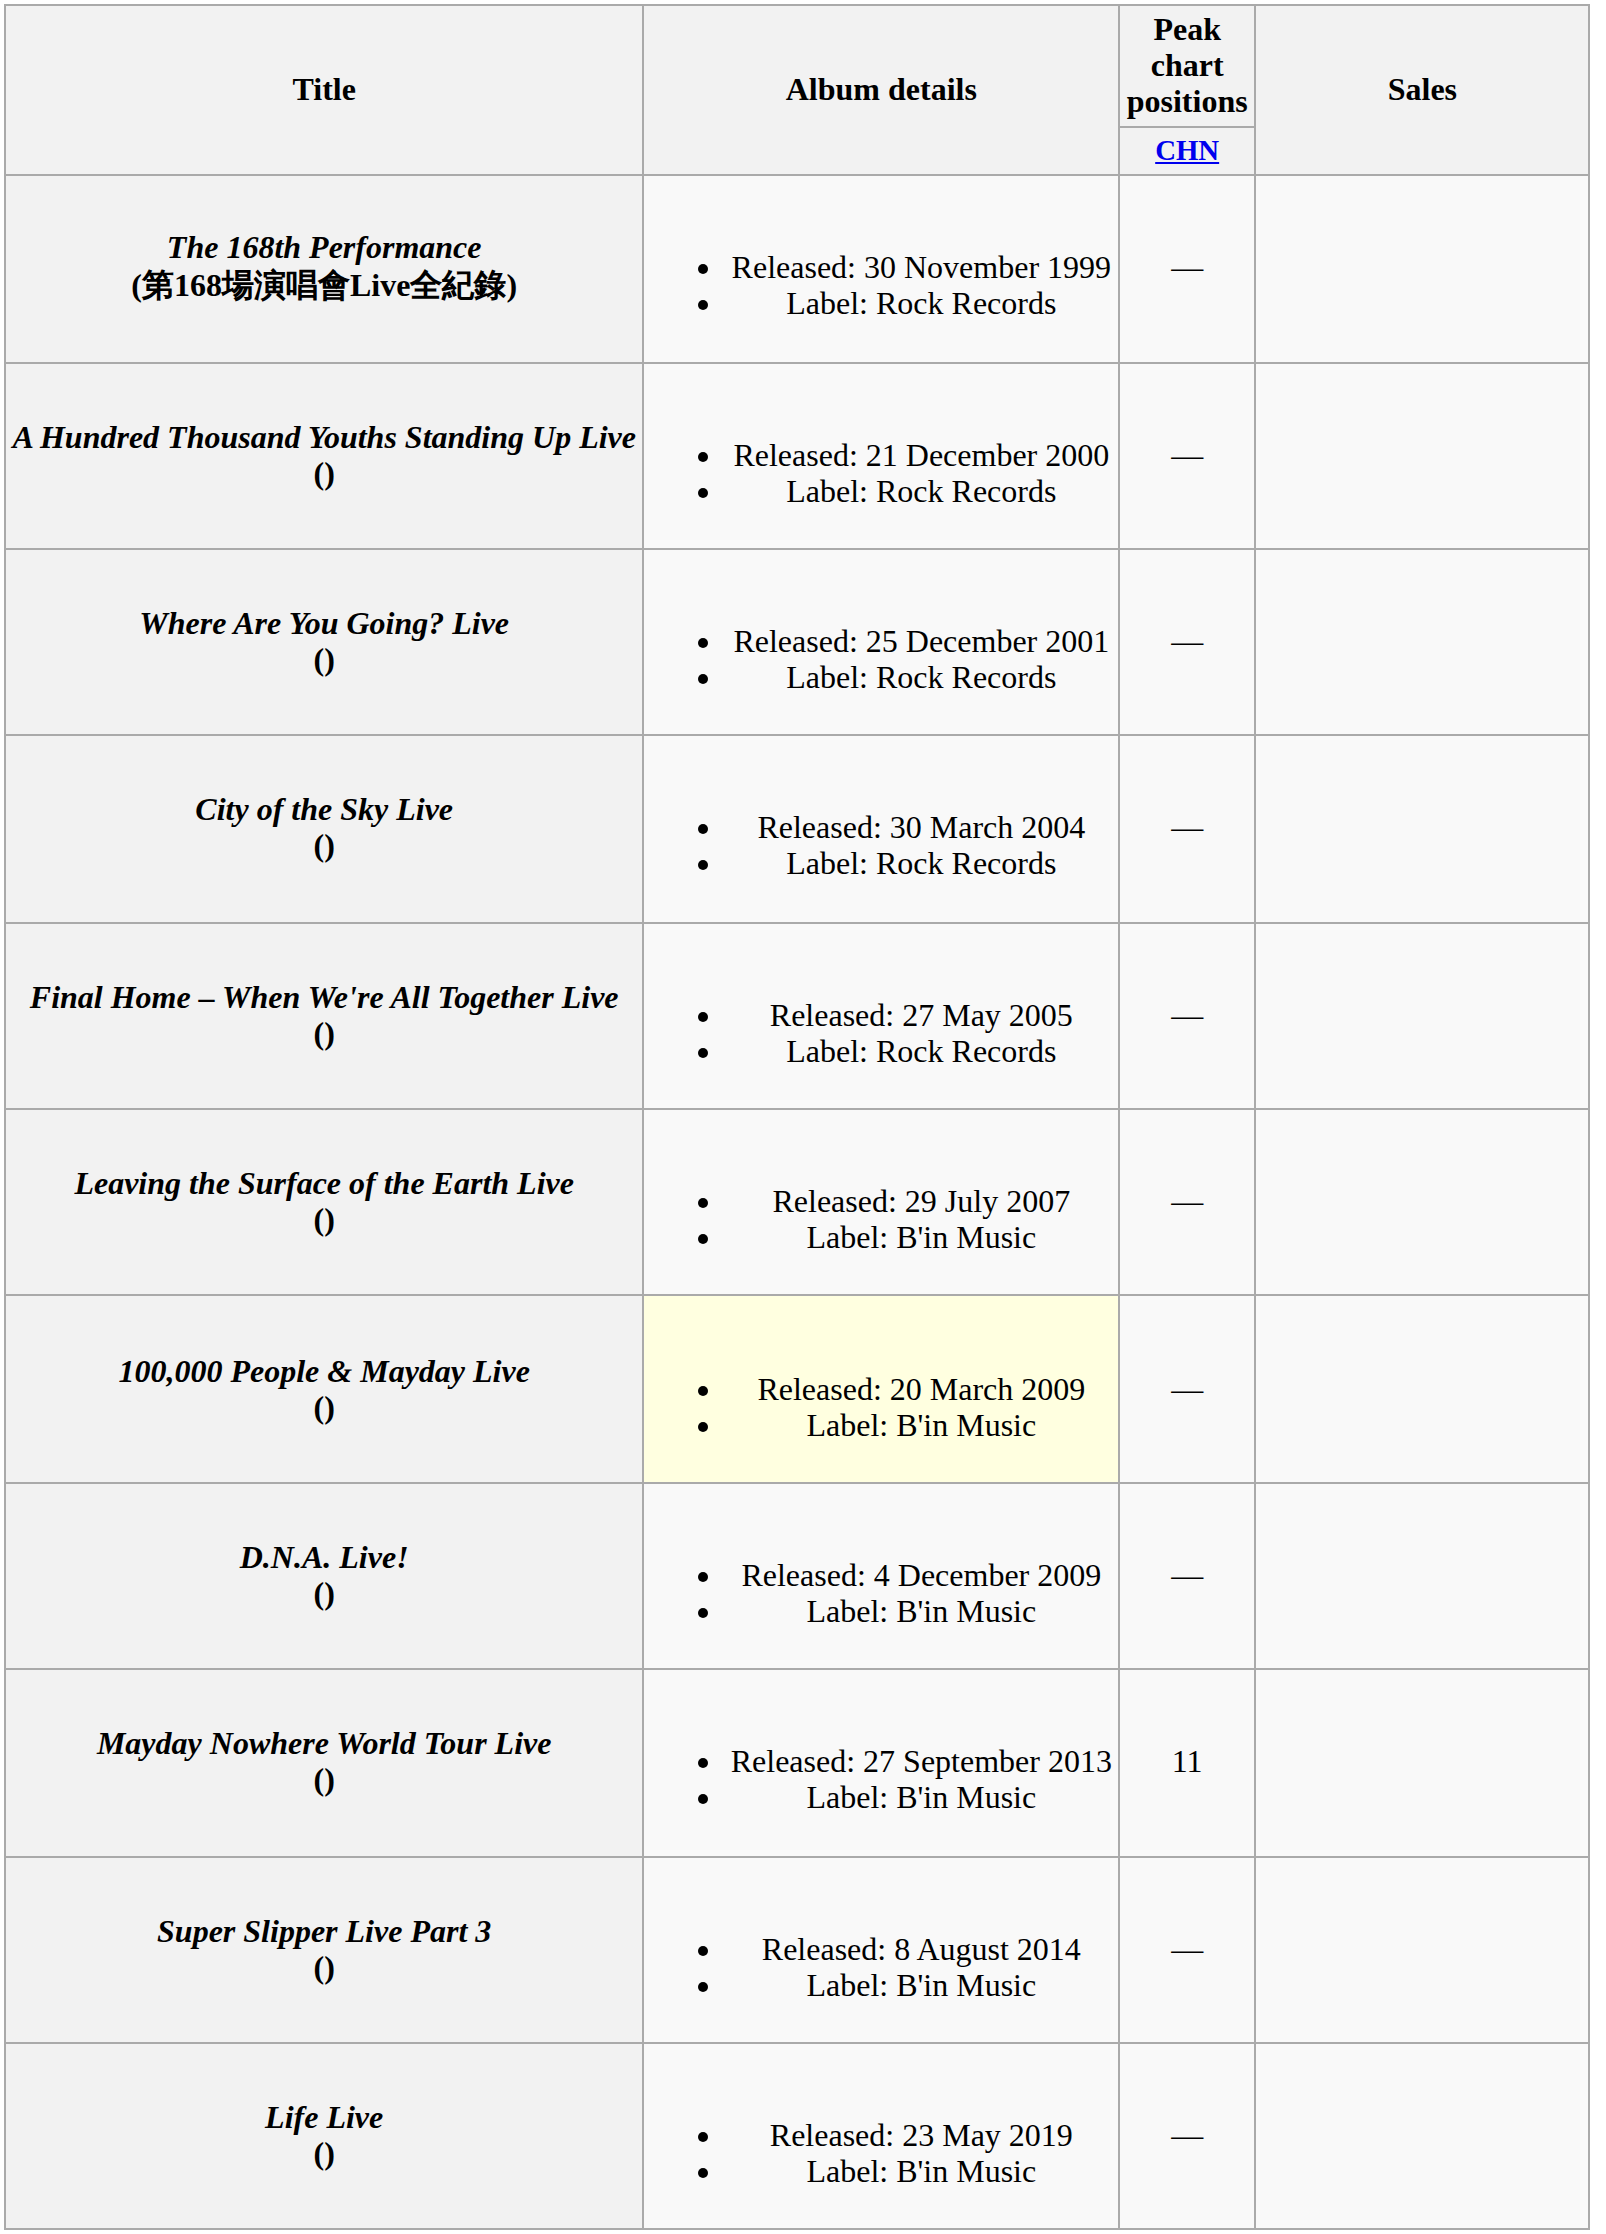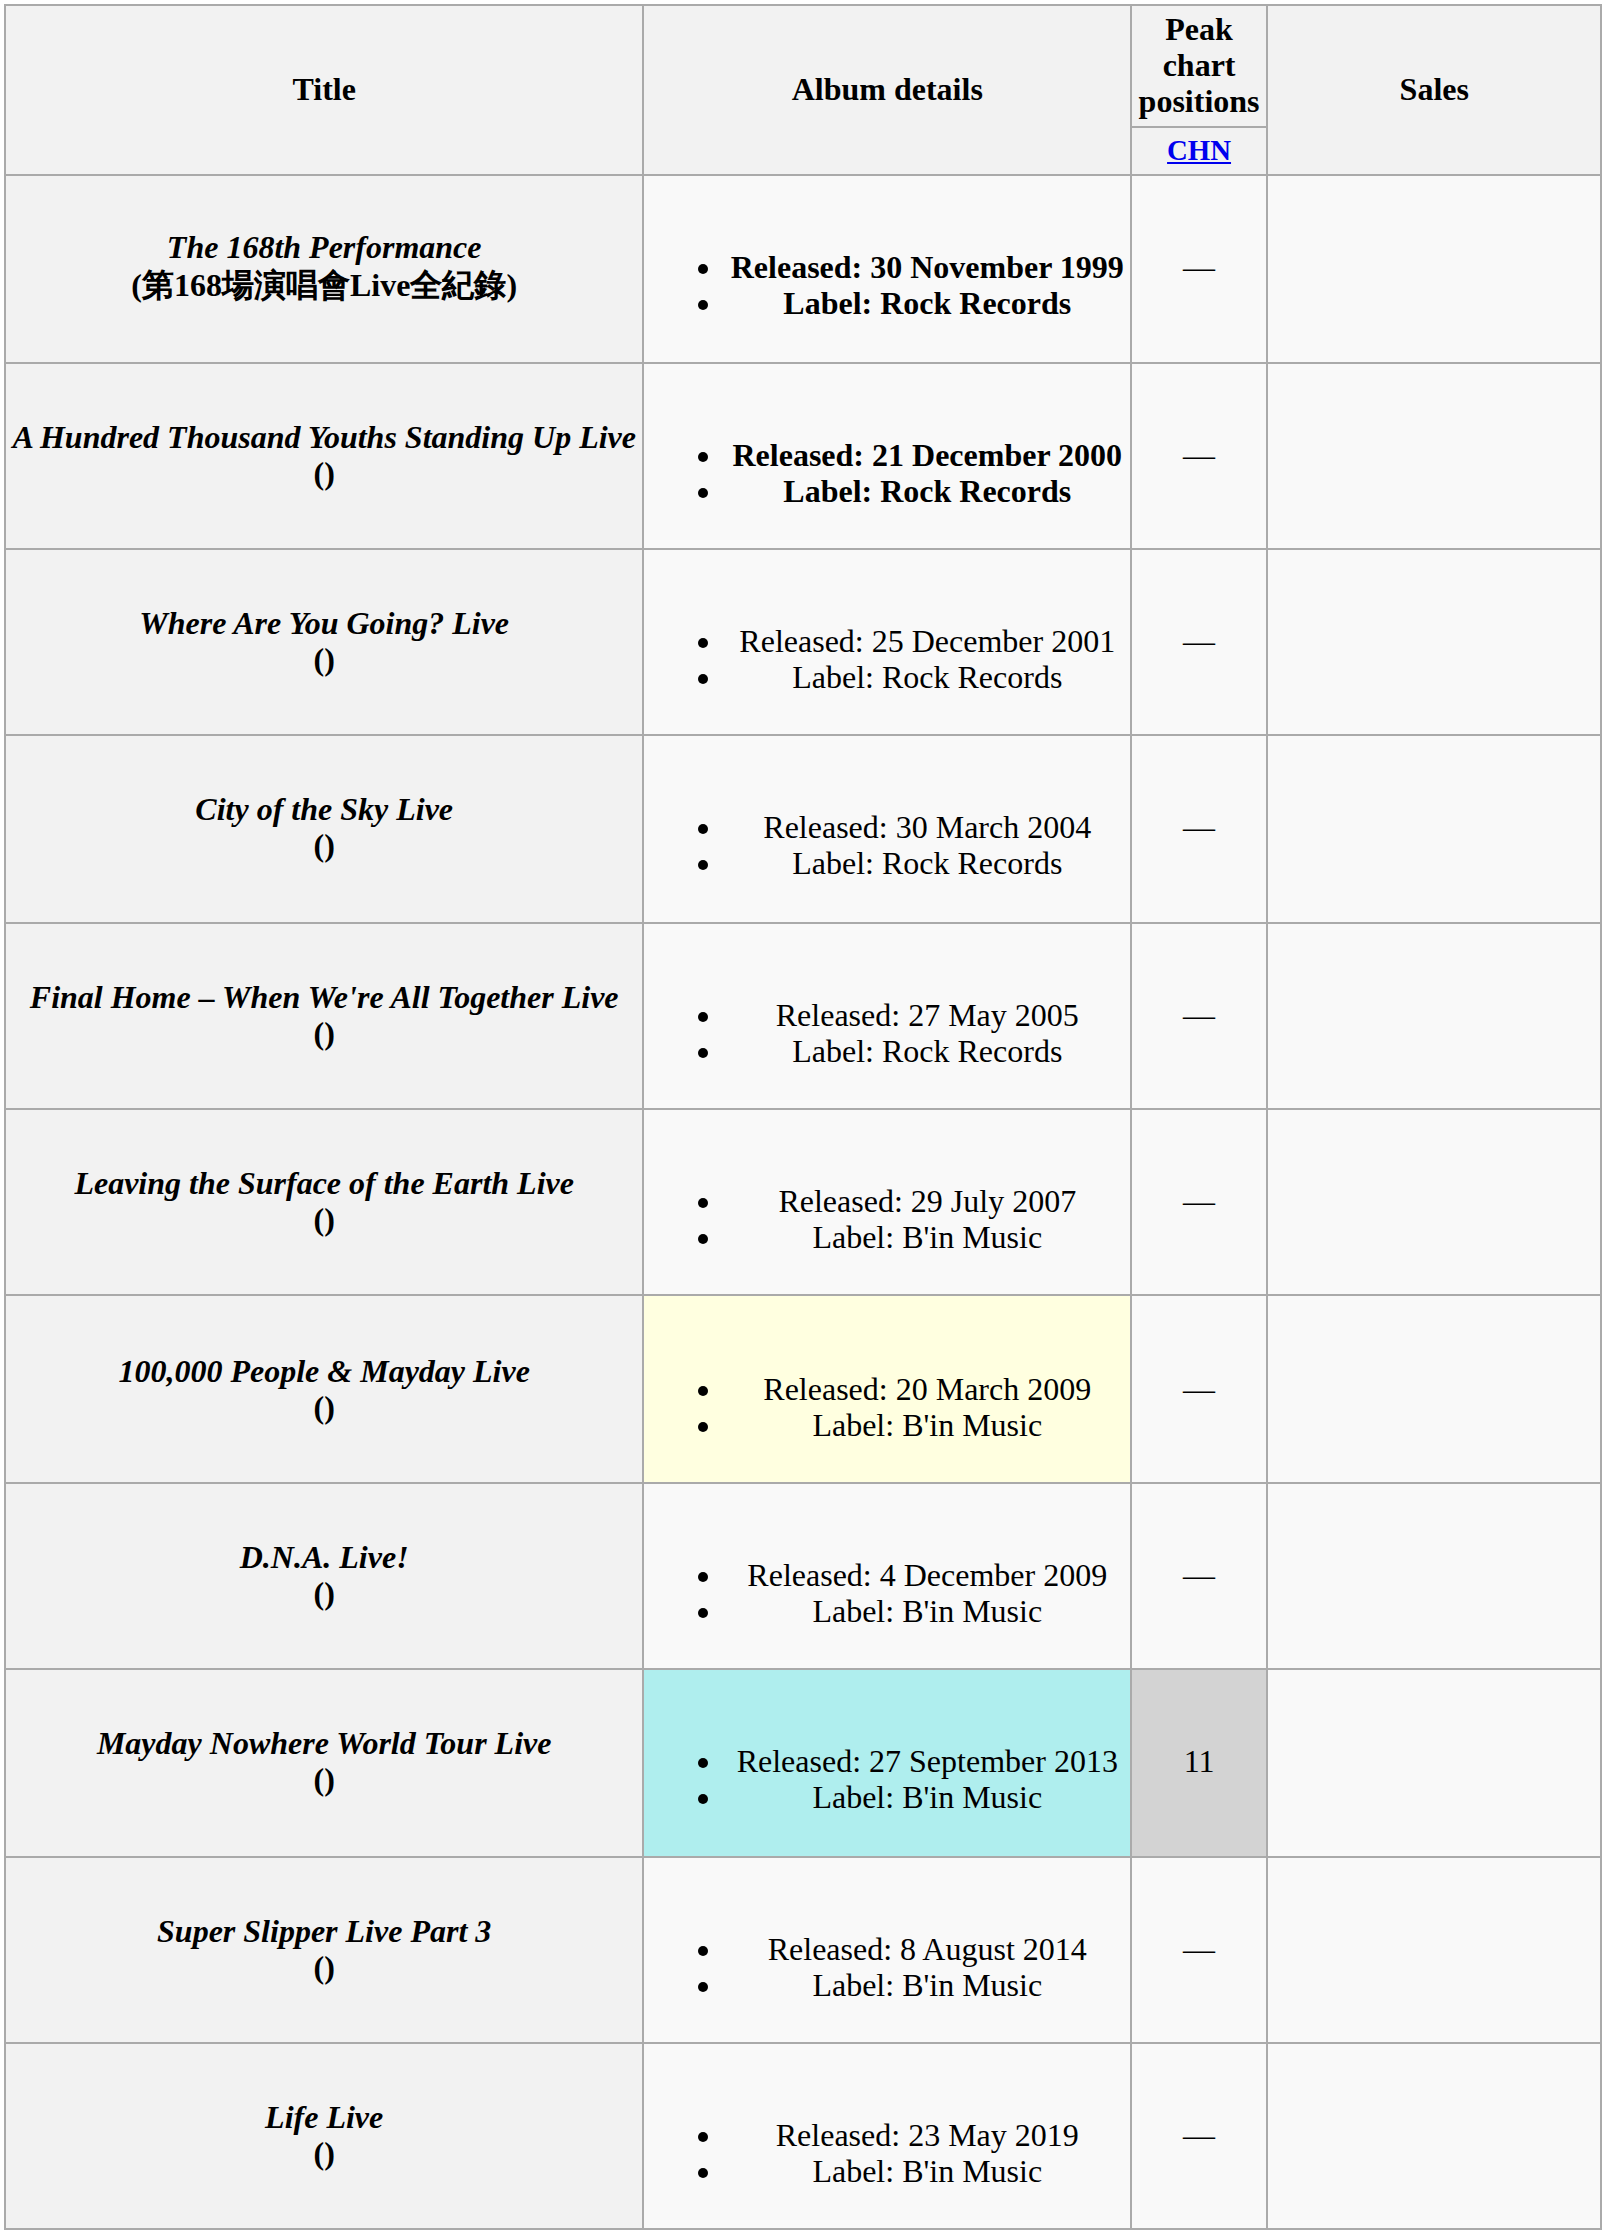 <table class="wikitable plainrowheaders" style="text-align:center;">
 <tr>
 <th rowspan="2">Title</th>
 <th rowspan="2">Album details</th>
 <th colspan="1">Peak chart positions</th>
 <th rowspan="2"  style="width:10em;">Sales</th>
 </tr>
 <tr>
 <th scope="col" style="width:3em;font-size:90%;"><a href='#'>CHN</a><br></th>
 </tr>
 <tr>
 <th scope="row"><em>The 168th Performance</em><br>(第168場演唱會Live全紀錄)</th>
-<td><br><ul><li>Released: 30 November 1999</li><li>Label: Rock Records</li></ul></td>
+<td><strong><br><ul><li>Released: 30 November 1999</li><li>Label: Rock Records</li></ul></strong></td>
 <td>—</td>
 <td></td>
 </tr>
 <tr>
 <th scope="row"><em>A Hundred Thousand Youths Standing Up Live</em><br>()</th>
-<td><br><ul><li>Released: 21 December 2000</li><li>Label: Rock Records</li></ul></td>
+<td><strong><br><ul><li>Released: 21 December 2000</li><li>Label: Rock Records</li></ul></strong></td>
 <td>—</td>
 <td></td>
 </tr>
 <tr>
 <th scope="row"><em>Where Are You Going? Live</em><br>()</th>
 <td><br><ul><li>Released: 25 December 2001</li><li>Label: Rock Records</li></ul></td>
 <td>—</td>
 <td></td>
 </tr>
 <tr>
 <th scope="row"><em>City of the Sky Live</em><br>()</th>
 <td><br><ul><li>Released: 30 March 2004</li><li>Label: Rock Records</li></ul></td>
 <td>—</td>
 <td></td>
 </tr>
 <tr>
 <th scope="row"><em>Final Home – When We're All Together Live</em><br>()</th>
 <td><br><ul><li>Released: 27 May 2005</li><li>Label: Rock Records</li></ul></td>
 <td>—</td>
 <td></td>
 </tr>
 <tr>
 <th scope="row"><em>Leaving the Surface of the Earth Live</em><br>()</th>
 <td><br><ul><li>Released: 29 July 2007</li><li>Label: B'in Music</li></ul></td>
 <td>—</td>
 <td></td>
 </tr>
 <tr>
 <th scope="row"><em>100,000 People & Mayday Live</em> <br>()</th>
 <td style="background: lightyellow;"><br><ul><li>Released: 20 March 2009</li><li>Label: B'in Music</li></ul></td>
 <td>—</td>
 <td></td>
 </tr>
 <tr>
 <th scope="row"><em>D.N.A. Live!</em> <br>()</th>
 <td><br><ul><li>Released: 4 December 2009</li><li>Label: B'in Music</li></ul></td>
 <td>—</td>
 <td></td>
 </tr>
 <tr>
 <th scope="row"><em>Mayday Nowhere World Tour Live</em><br>()</th>
-<td><br><ul><li>Released: 27 September 2013</li><li>Label: B'in Music</li></ul></td>
-<td>11</td>
+<td style="background: paleturquoise;"><br><ul><li>Released: 27 September 2013</li><li>Label: B'in Music</li></ul></td>
+<td style="background: lightgrey;">11</td>
 <td></td>
 </tr>
 <tr>
 <th scope="row"><em>Super Slipper Live Part 3</em><br>()</th>
 <td><br><ul><li>Released: 8 August 2014</li><li>Label: B'in Music</li></ul></td>
 <td>—</td>
 <td></td>
 </tr>
 <tr>
 <th scope="row"><em>Life Live</em><br>()</th>
 <td><br><ul><li>Released: 23 May 2019</li><li>Label: B'in Music</li></ul></td>
 <td>—</td>
 <td></td>
 </tr>
 </table>
